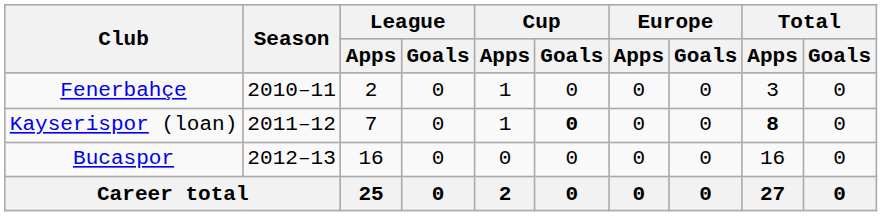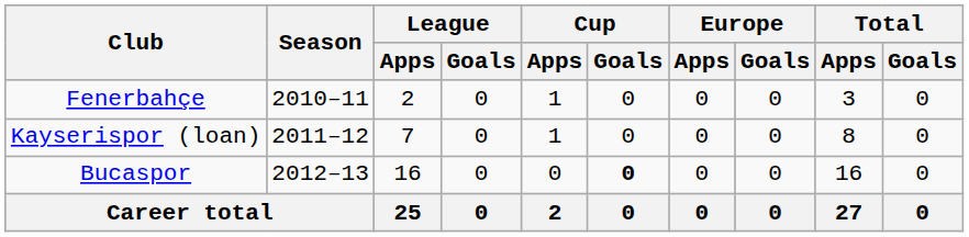 <table class="wikitable" style="text-align:center">
 <tr>
 <th rowspan="2">Club</th>
 <th rowspan="2">Season</th>
 <th colspan="2">League</th>
 <th colspan="2">Cup</th>
 <th colspan="2">Europe</th>
 <th colspan="3">Total</th>
 </tr>
 <tr>
 <th>Apps</th>
 <th>Goals</th>
 <th>Apps</th>
 <th>Goals</th>
 <th>Apps</th>
 <th>Goals</th>
 <th>Apps</th>
 <th>Goals</th>
 </tr>
 <tr>
 <td><a href='#'>Fenerbahçe</a></td>
 <td>2010–11</td>
 <td>2</td>
 <td>0</td>
 <td>1</td>
 <td>0</td>
 <td>0</td>
 <td>0</td>
 <td>3</td>
 <td>0</td>
 </tr>
 <tr>
 <td><a href='#'>Kayserispor</a> (loan)</td>
 <td>2011–12</td>
 <td>7</td>
 <td>0</td>
 <td>1</td>
-<td><strong>0</strong></td>
 <td>0</td>
 <td>0</td>
-<td><strong>8</strong></td>
+<td>0</td>
+<td>8</td>
 <td>0</td>
 </tr>
 <tr>
 <td><a href='#'>Bucaspor</a></td>
 <td>2012–13</td>
 <td>16</td>
 <td>0</td>
 <td>0</td>
-<td>0</td>
+<td><strong>0</strong></td>
 <td>0</td>
 <td>0</td>
 <td>16</td>
 <td>0</td>
 </tr>
 <tr>
 <th colspan="2">Career total</th>
 <th>25</th>
 <th>0</th>
 <th>2</th>
 <th>0</th>
 <th>0</th>
 <th>0</th>
 <th>27</th>
 <th>0</th>
 </tr>
 </table>
